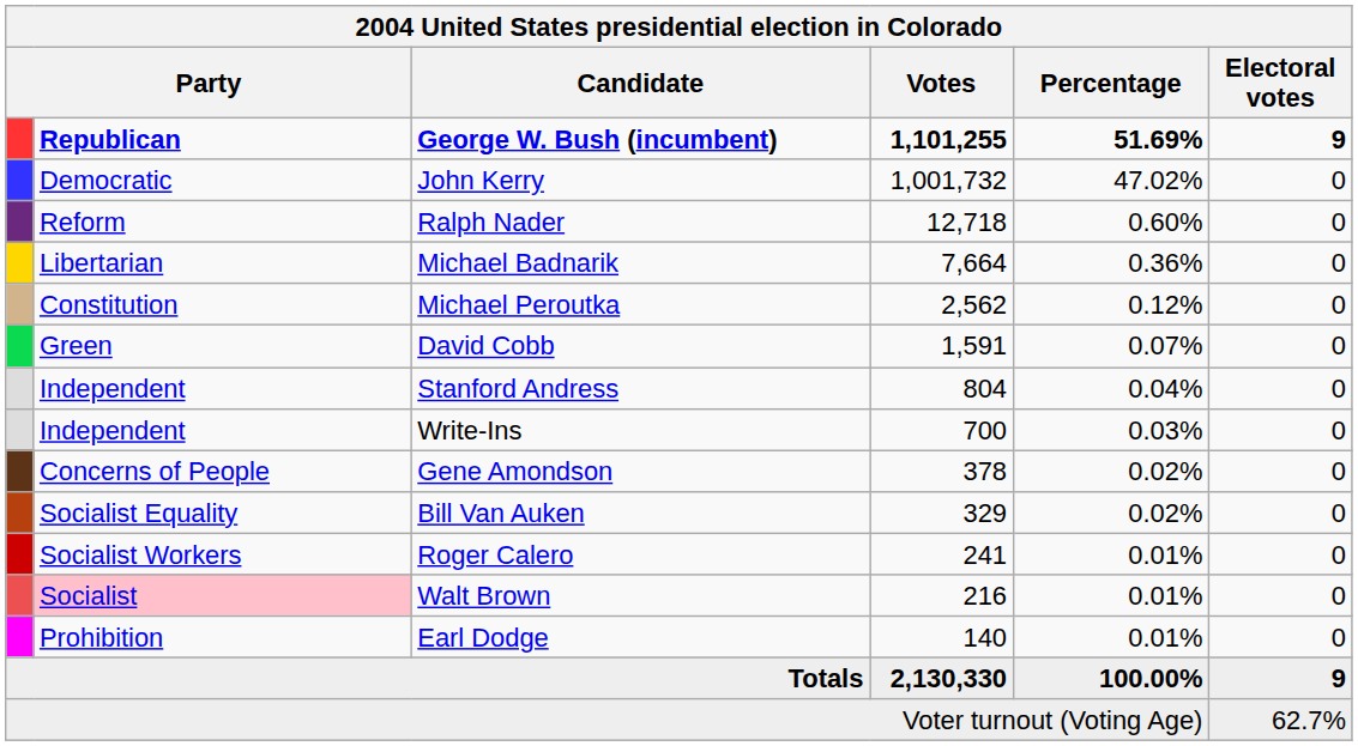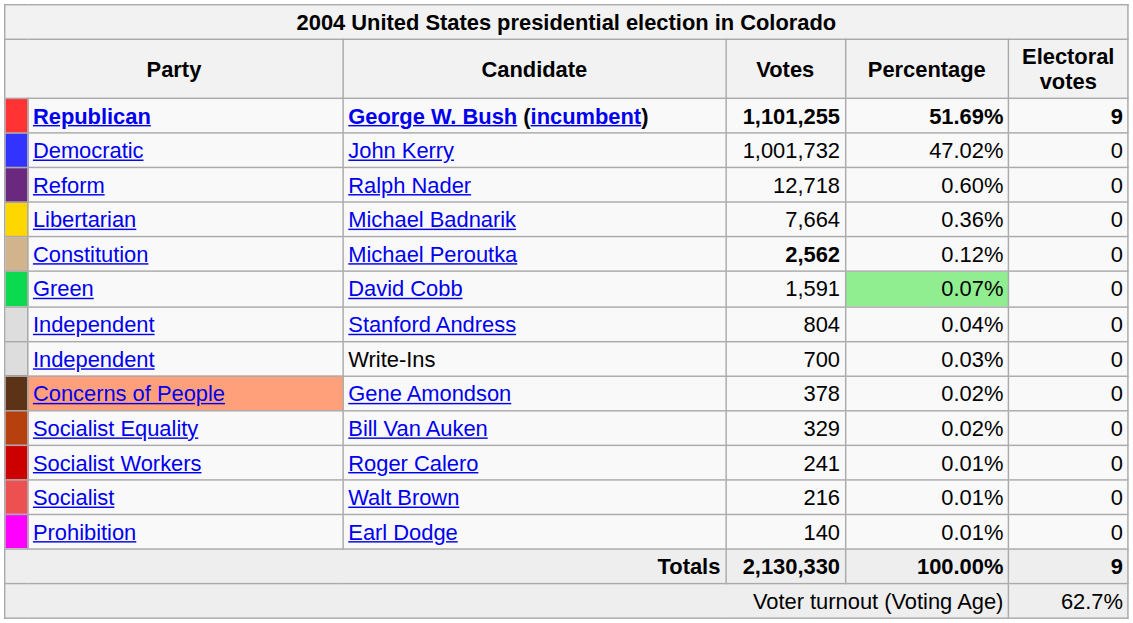 <table class="wikitable" style="font-size: 95%;">
 <tr>
 <th colspan="6">2004 United States presidential election in Colorado</th>
 </tr>
 <tr>
 <th colspan="2" style="width: 15em">Party</th>
 <th style="width: 17em">Candidate</th>
 <th style="width: 5em">Votes</th>
 <th style="width: 7em">Percentage</th>
 <th style="width: 5em">Electoral votes</th>
 </tr>
 <tr>
 <th style="background-color:#FF3333; width: 3px"></th>
 <td style="width: 130px"><strong><a href='#'>Republican</a></strong></td>
 <td><strong><a href='#'>George W. Bush</a> (<a href='#'>incumbent</a>)</strong></td>
 <td align="right"><strong>1,101,255</strong></td>
 <td align="right"><strong>51.69%</strong></td>
 <td align="right"><strong>9</strong></td>
 </tr>
 <tr>
 <th style="background-color:#3333FF; width: 3px"></th>
 <td style="width: 130px"><a href='#'>Democratic</a></td>
 <td><a href='#'>John Kerry</a></td>
 <td align="right">1,001,732</td>
 <td align="right">47.02%</td>
 <td align="right">0</td>
 </tr>
 <tr>
 <th style="background:#6a287e; width:3px;"></th>
 <td style="width: 130px"><a href='#'>Reform</a></td>
 <td><a href='#'>Ralph Nader</a></td>
 <td align="right">12,718</td>
 <td align="right">0.60%</td>
 <td align="right">0</td>
 </tr>
 <tr>
 <th style="background-color:#FFD700; width: 3px"></th>
 <td style="width: 130px"><a href='#'>Libertarian</a></td>
 <td><a href='#'>Michael Badnarik</a></td>
 <td align="right">7,664</td>
 <td align="right">0.36%</td>
 <td align="right">0</td>
 </tr>
 <tr>
 <th style="background-color:#D2B48C; width: 3px"></th>
 <td style="width: 130px"><a href='#'>Constitution</a></td>
 <td><a href='#'>Michael Peroutka</a></td>
-<td align="right">2,562</td>
+<td align="right"><strong>2,562</strong></td>
 <td align="right">0.12%</td>
 <td align="right">0</td>
 </tr>
 <tr>
 <th style="background-color:#0BDA51; width: 3px"></th>
 <td style="width: 130px"><a href='#'>Green</a></td>
 <td><a href='#'>David Cobb</a></td>
 <td align="right">1,591</td>
-<td align="right">0.07%</td>
+<td align="right" style="background: lightgreen;">0.07%</td>
 <td align="right">0</td>
 </tr>
 <tr>
 <th style="background-color:#DDDDDD; width: 3px"></th>
 <td style="width: 130px"><a href='#'>Independent</a></td>
 <td><a href='#'>Stanford Andress</a></td>
 <td align="right">804</td>
 <td align="right">0.04%</td>
 <td align="right">0</td>
 </tr>
 <tr>
 <th style="background-color:#DDDDDD; width: 3px"></th>
 <td style="width: 130px"><a href='#'>Independent</a></td>
 <td>Write-Ins</td>
 <td align="right">700</td>
 <td align="right">0.03%</td>
 <td align="right">0</td>
 </tr>
 <tr>
 <th style="background-color:#5C3317; width: 3px"></th>
-<td style="width: 130px"><a href='#'>Concerns of People</a></td>
+<td style="background: lightsalmon; width: 130px"><a href='#'>Concerns of People</a></td>
 <td><a href='#'>Gene Amondson</a></td>
 <td align="right">378</td>
 <td align="right">0.02%</td>
 <td align="right">0</td>
 </tr>
 <tr>
 <th style="background-color:#B7410E; width: 3px"></th>
 <td style="width: 130px"><a href='#'>Socialist Equality</a></td>
 <td><a href='#'>Bill Van Auken</a></td>
 <td align="right">329</td>
 <td align="right">0.02%</td>
 <td align="right">0</td>
 </tr>
 <tr>
 <th style="background-color:#CC0000; width: 3px"></th>
 <td style="width: 130px"><a href='#'>Socialist Workers</a></td>
 <td><a href='#'>Roger Calero</a></td>
 <td align="right">241</td>
 <td align="right">0.01%</td>
 <td align="right">0</td>
 </tr>
 <tr>
 <th style="background-color:#EC5050; width: 3px"></th>
-<td style="background: pink; width: 130px"><a href='#'>Socialist</a></td>
+<td style="width: 130px"><a href='#'>Socialist</a></td>
 <td><a href='#'>Walt Brown</a></td>
 <td align="right">216</td>
 <td align="right">0.01%</td>
 <td align="right">0</td>
 </tr>
 <tr>
 <th style="background-color:#FF00FF; width: 3px"></th>
 <td style="width: 130px"><a href='#'>Prohibition</a></td>
 <td><a href='#'>Earl Dodge</a></td>
 <td align="right">140</td>
 <td align="right">0.01%</td>
 <td align="right">0</td>
 </tr>
 <tr bgcolor="#EEEEEE">
 <td colspan="3" align="right"><strong>Totals</strong></td>
 <td align="right"><strong>2,130,330</strong></td>
 <td align="right"><strong>100.00%</strong></td>
 <td align="right"><strong>9</strong></td>
 </tr>
 <tr bgcolor="#EEEEEE">
 <td colspan="5" align="right">Voter turnout (Voting Age)</td>
 <td colspan="1" align="right">62.7%</td>
 </tr>
 </table>
